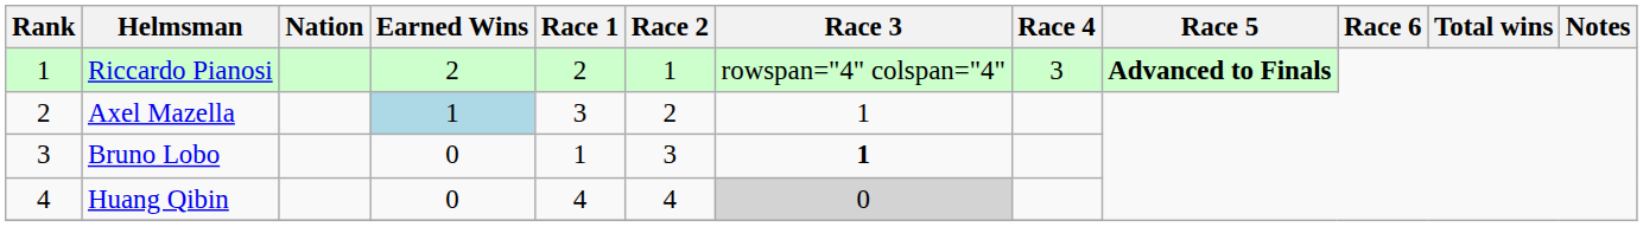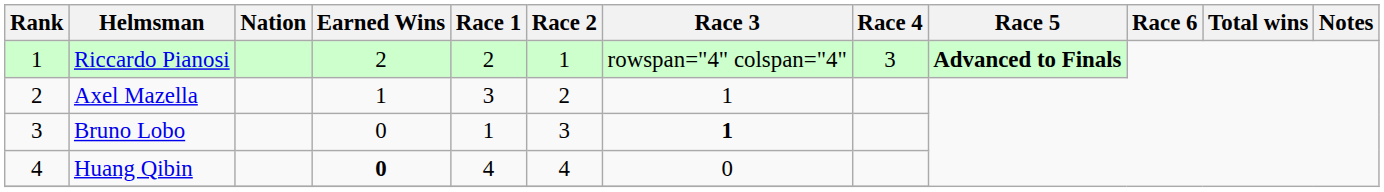 <table class="wikitable sortable" style="text-align:center">
 <tr>
 <th>Rank</th>
 <th>Helmsman</th>
 <th>Nation</th>
 <th>Earned Wins</th>
 <th>Race 1</th>
 <th>Race 2</th>
 <th>Race 3</th>
 <th>Race 4</th>
 <th>Race 5</th>
 <th>Race 6</th>
 <th>Total wins</th>
 <th>Notes</th>
 </tr>
 <tr bgcolor=ccffcc>
 <td>1</td>
 <td align="left"><a href='#'>Riccardo Pianosi</a></td>
 <td align="left"></td>
 <td>2</td>
 <td>2</td>
 <td>1</td>
 <td>rowspan="4" colspan="4" </td>
 <td>3</td>
 <td><strong>Advanced to Finals</strong></td>
 </tr>
 <tr>
 <td>2</td>
 <td align="left"><a href='#'>Axel Mazella</a></td>
 <td align="left"></td>
-<td style="background: lightblue;">1</td>
+<td>1</td>
 <td>3</td>
 <td>2</td>
 <td>1</td>
 <td></td>
 </tr>
 <tr>
 <td>3</td>
 <td align="left"><a href='#'>Bruno Lobo</a></td>
 <td align="left"></td>
 <td>0</td>
 <td>1</td>
 <td>3</td>
 <td><strong>1</strong></td>
 <td></td>
 </tr>
 <tr>
 <td>4</td>
 <td align="left"><a href='#'>Huang Qibin</a></td>
 <td align="left"></td>
-<td>0</td>
+<td><strong>0</strong></td>
 <td>4</td>
 <td>4<br></td>
-<td style="background: lightgrey;">0</td>
+<td>0</td>
 <td></td>
 </tr>
 <tr>
 </tr>
 </table>
